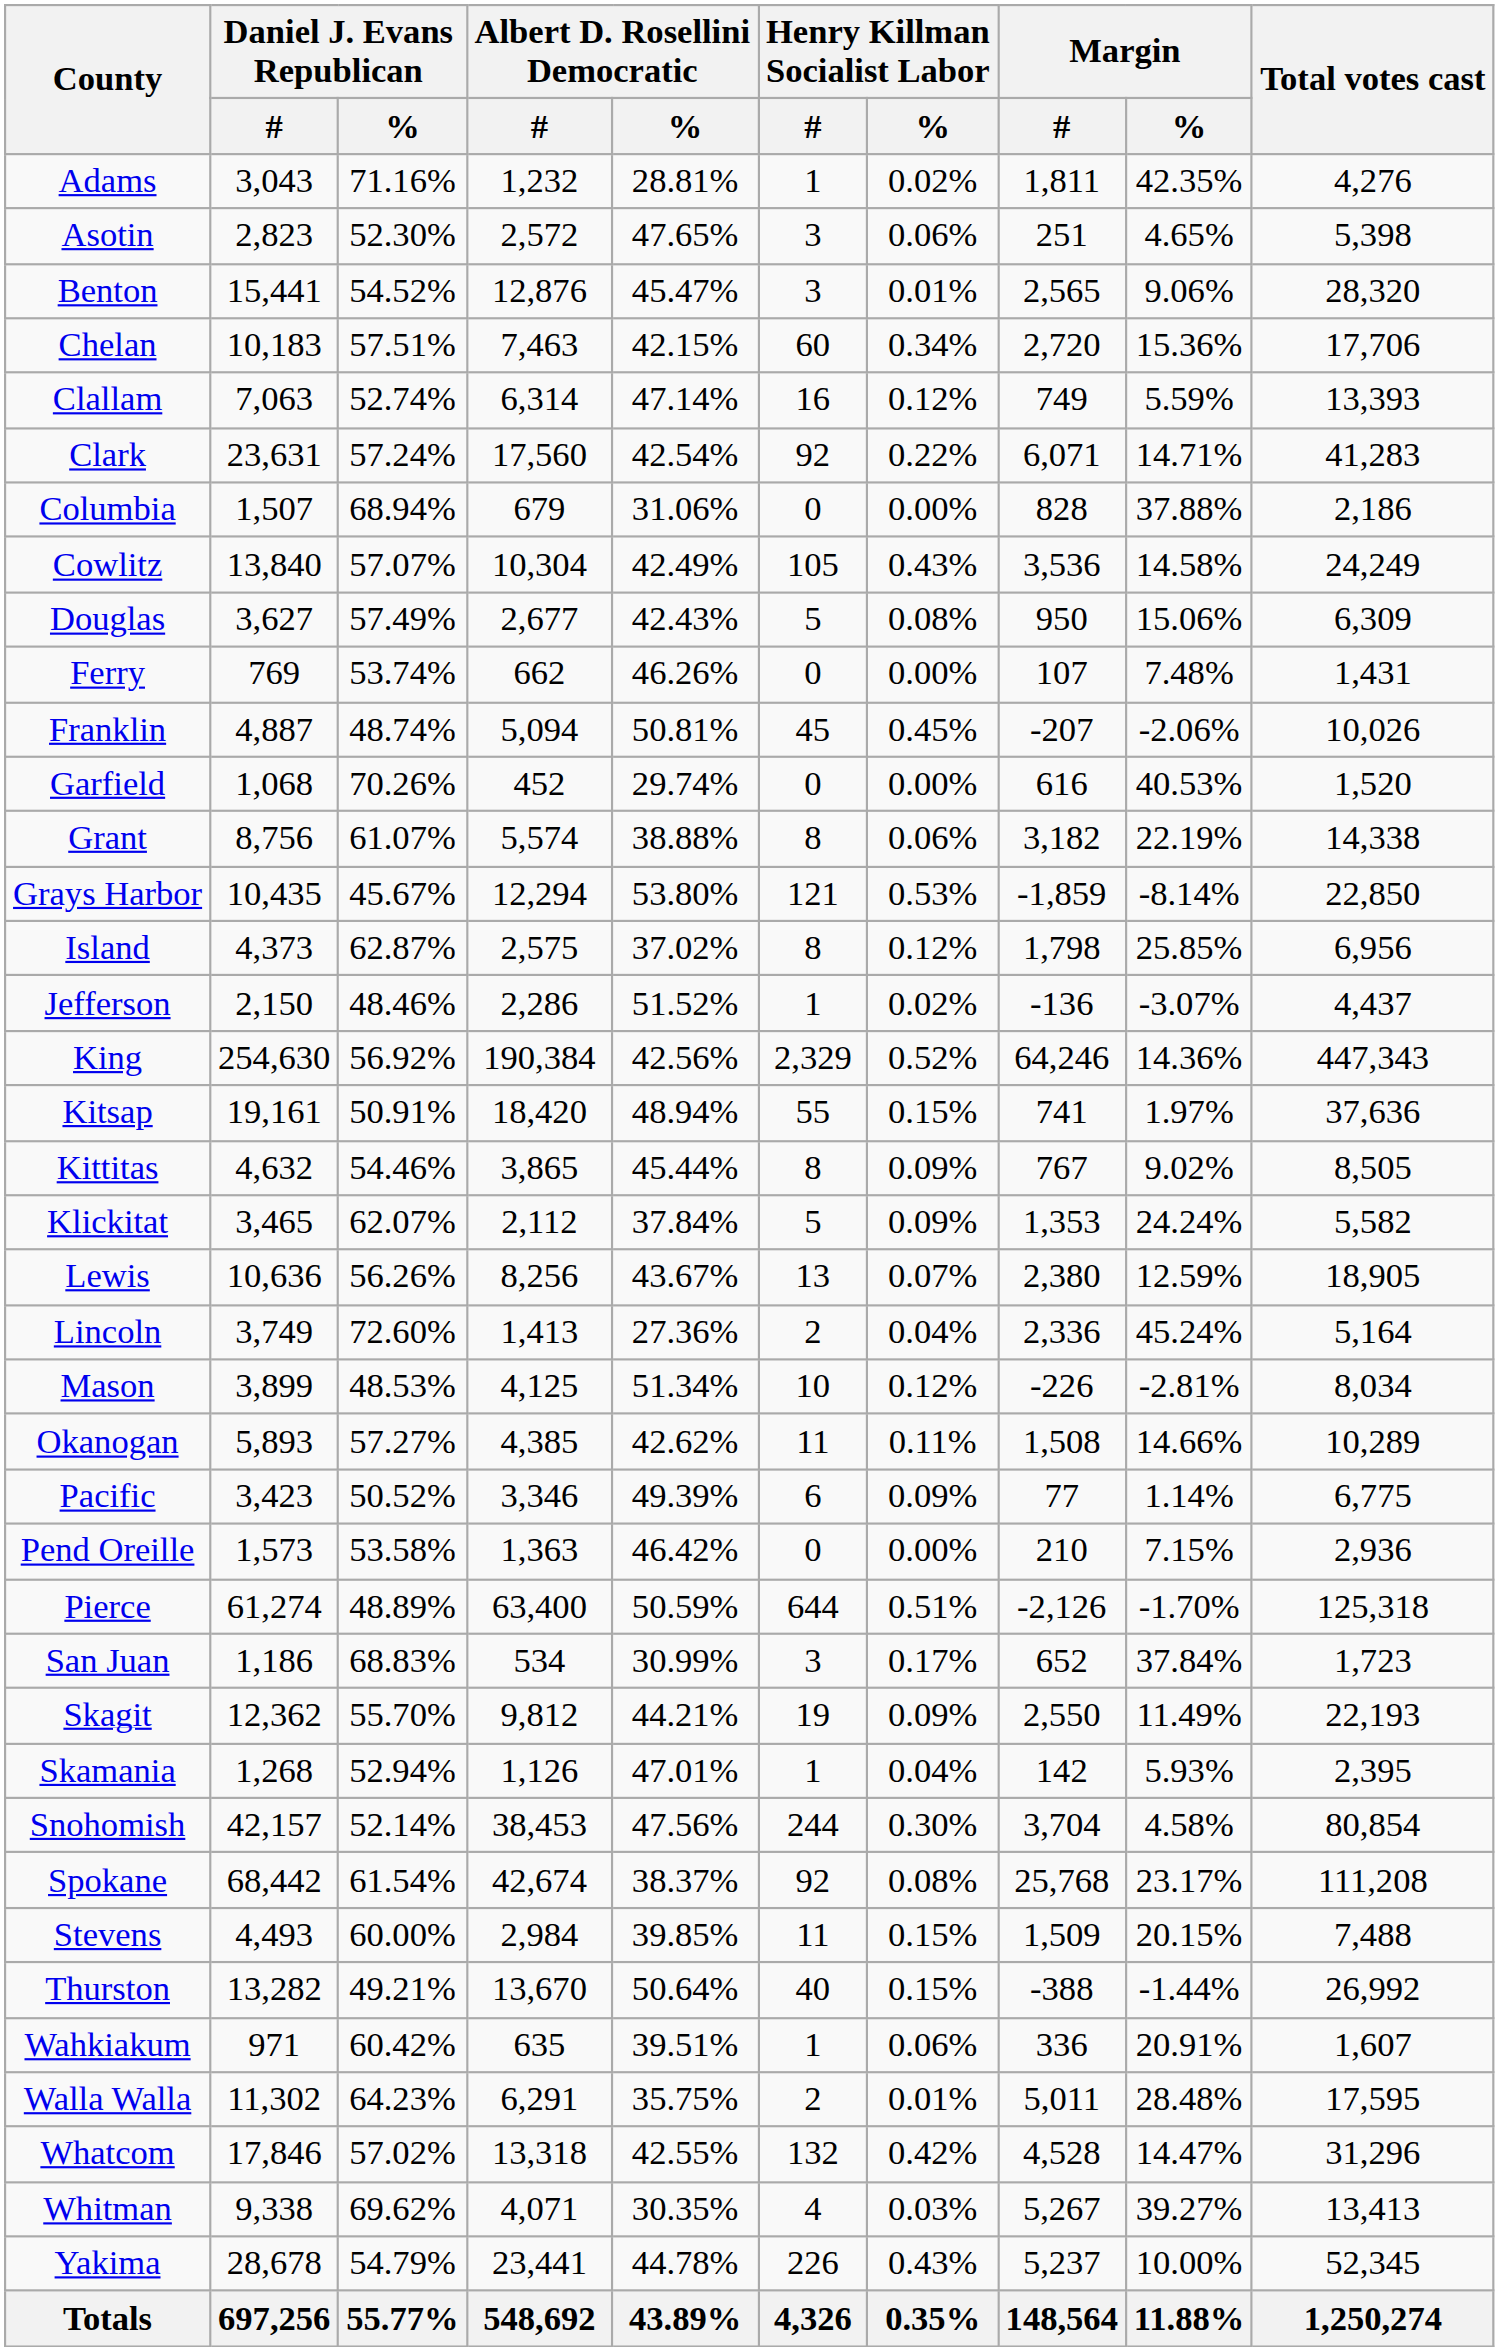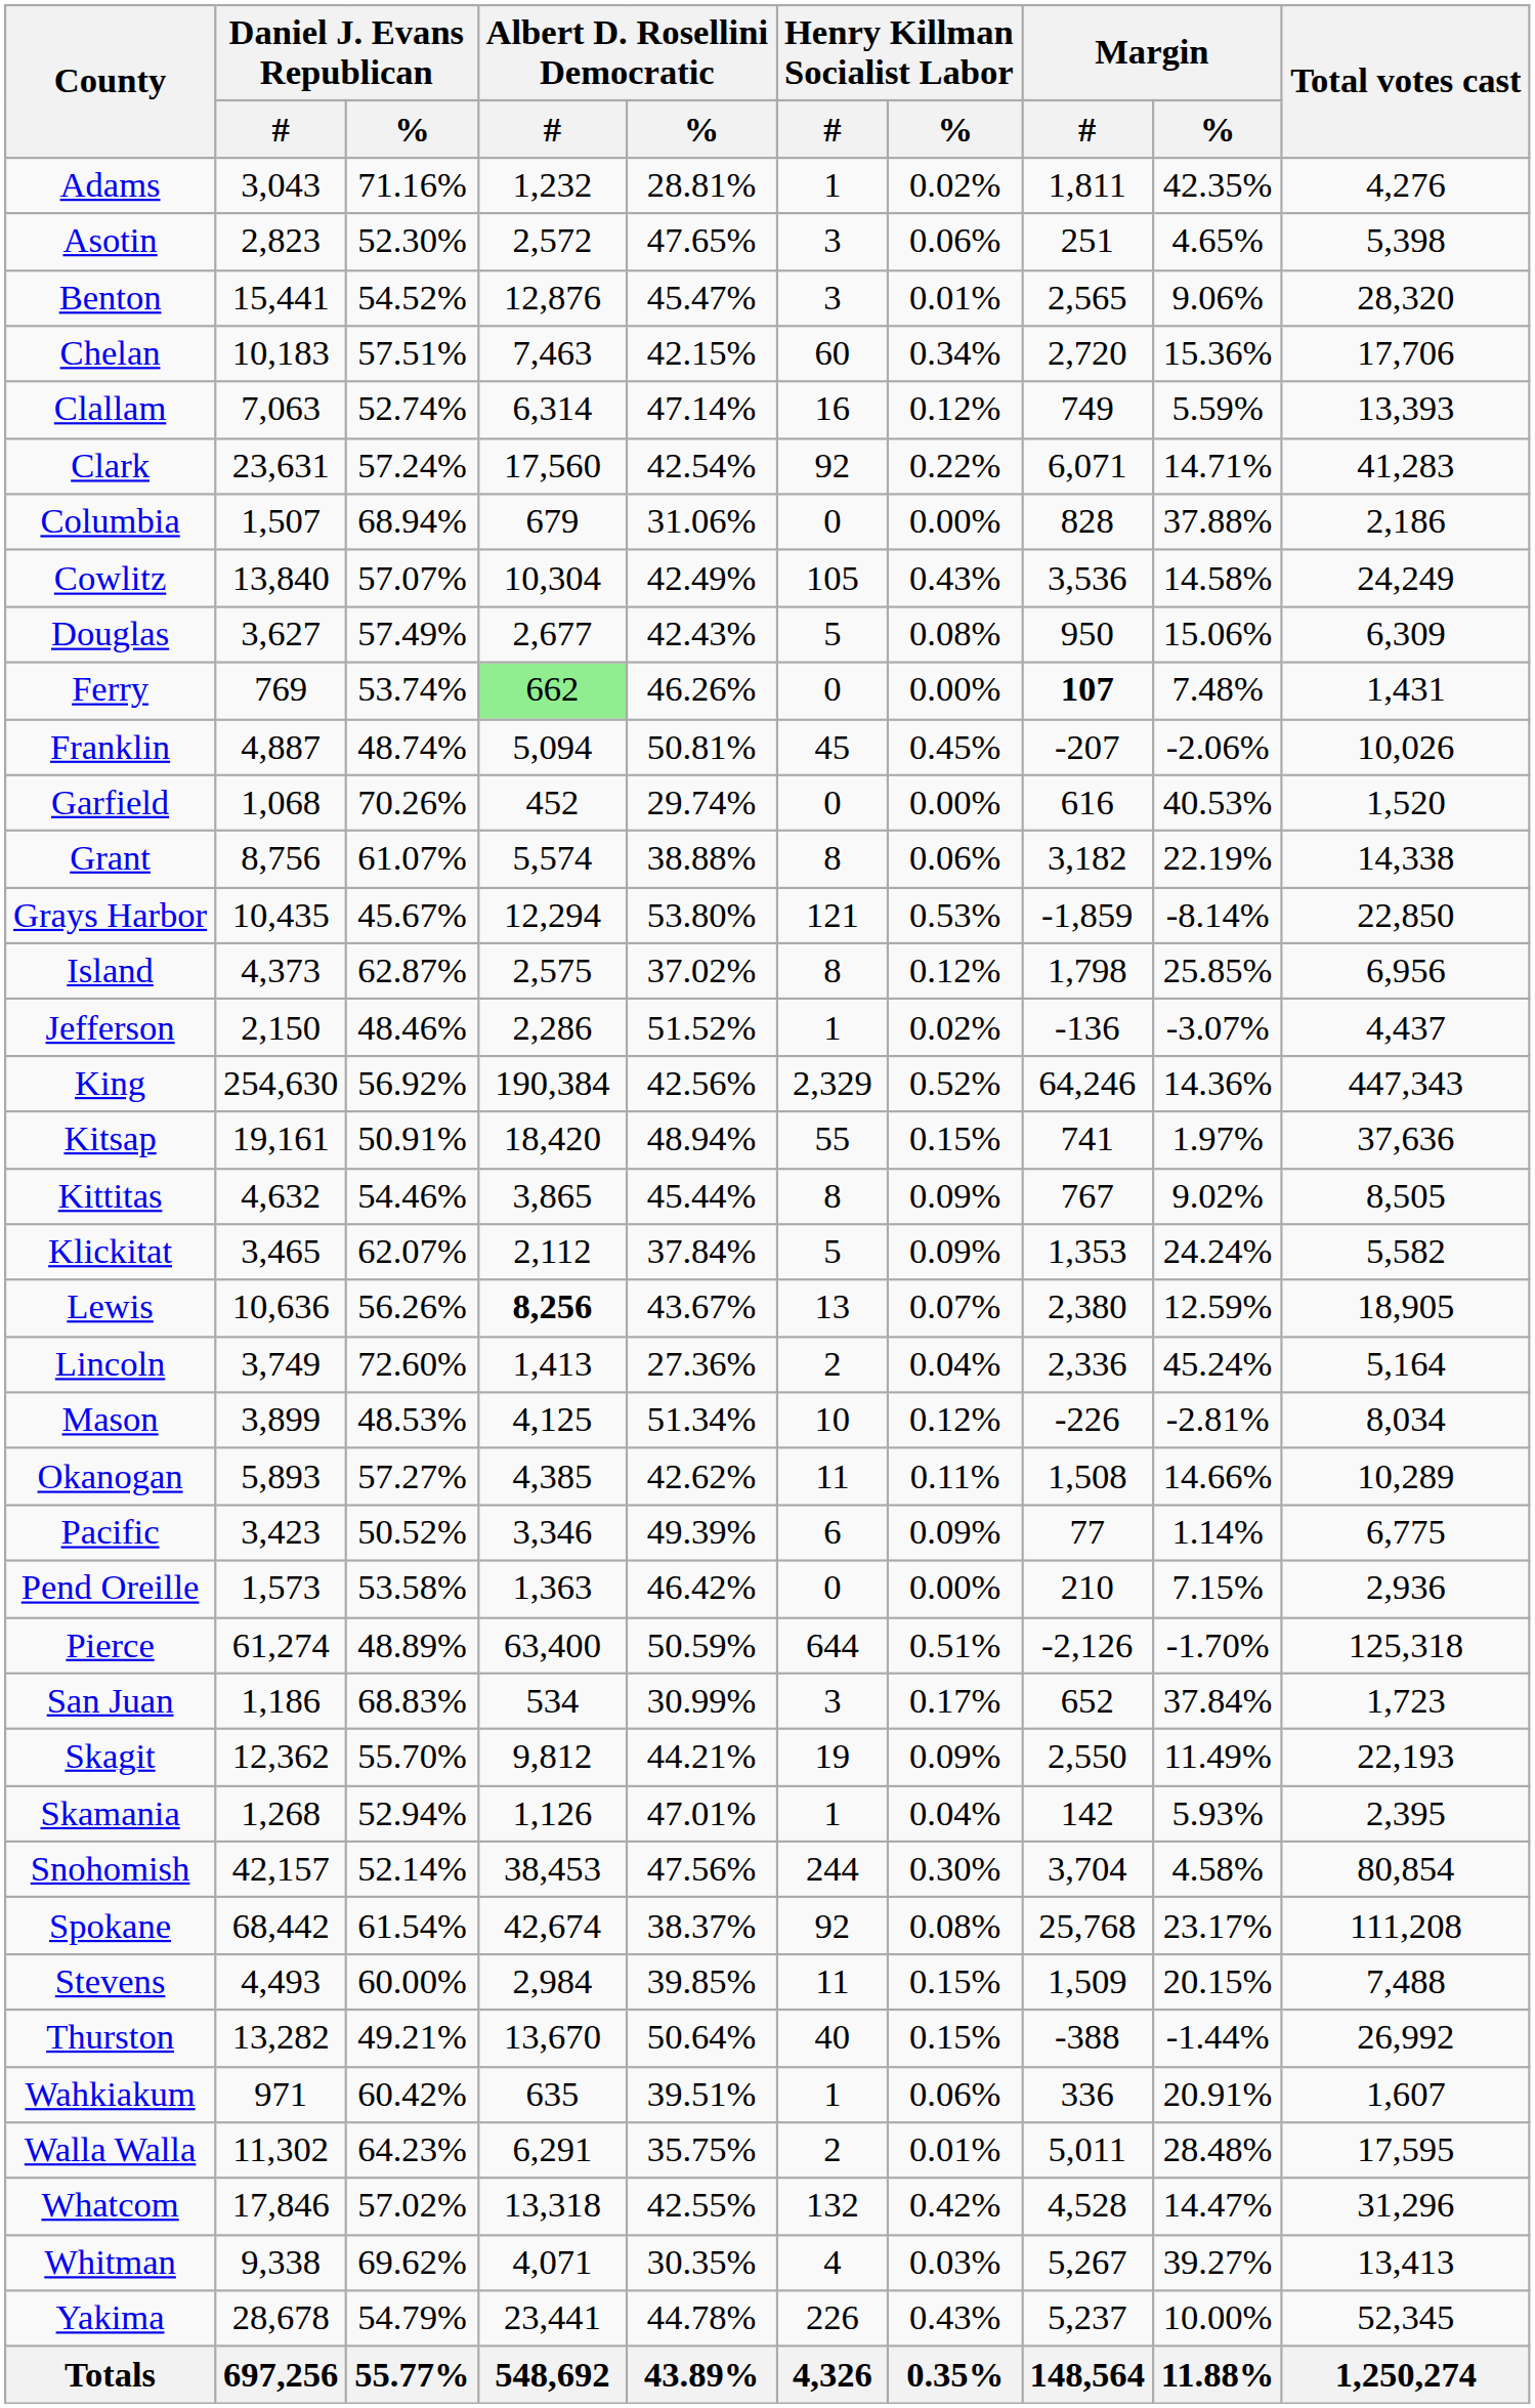 <table class="wikitable sortable">
 <tr>
 <th style="text-align:center;" rowspan="2">County</th>
 <th style="text-align:center;" colspan="2">Daniel J. Evans<br>Republican</th>
 <th style="text-align:center;" colspan="2">Albert D. Rosellini<br>Democratic</th>
 <th style="text-align:center;" colspan="2">Henry Killman<br>Socialist Labor</th>
 <th style="text-align:center;" colspan="2">Margin</th>
 <th style="text-align:center;" rowspan="2">Total votes cast</th>
 </tr>
 <tr bgcolor="lightgrey">
 <th style="text-align:center;" data-sort-type="number">#</th>
 <th style="text-align:center;" data-sort-type="number">%</th>
 <th style="text-align:center;" data-sort-type="number">#</th>
 <th style="text-align:center;" data-sort-type="number">%</th>
 <th style="text-align:center;" data-sort-type="number">#</th>
 <th style="text-align:center;" data-sort-type="number">%</th>
 <th style="text-align:center;" data-sort-type="number">#</th>
 <th style="text-align:center;" data-sort-type="number">%</th>
 </tr>
 <tr style="text-align:center;">
 <td><a href='#'>Adams</a></td>
 <td>3,043</td>
 <td>71.16%</td>
 <td>1,232</td>
 <td>28.81%</td>
 <td>1</td>
 <td>0.02%</td>
 <td>1,811</td>
 <td>42.35%</td>
 <td>4,276</td>
 </tr>
 <tr style="text-align:center;">
 <td><a href='#'>Asotin</a></td>
 <td>2,823</td>
 <td>52.30%</td>
 <td>2,572</td>
 <td>47.65%</td>
 <td>3</td>
 <td>0.06%</td>
 <td>251</td>
 <td>4.65%</td>
 <td>5,398</td>
 </tr>
 <tr style="text-align:center;">
 <td><a href='#'>Benton</a></td>
 <td>15,441</td>
 <td>54.52%</td>
 <td>12,876</td>
 <td>45.47%</td>
 <td>3</td>
 <td>0.01%</td>
 <td>2,565</td>
 <td>9.06%</td>
 <td>28,320</td>
 </tr>
 <tr style="text-align:center;">
 <td><a href='#'>Chelan</a></td>
 <td>10,183</td>
 <td>57.51%</td>
 <td>7,463</td>
 <td>42.15%</td>
 <td>60</td>
 <td>0.34%</td>
 <td>2,720</td>
 <td>15.36%</td>
 <td>17,706</td>
 </tr>
 <tr style="text-align:center;">
 <td><a href='#'>Clallam</a></td>
 <td>7,063</td>
 <td>52.74%</td>
 <td>6,314</td>
 <td>47.14%</td>
 <td>16</td>
 <td>0.12%</td>
 <td>749</td>
 <td>5.59%</td>
 <td>13,393</td>
 </tr>
 <tr style="text-align:center;">
 <td><a href='#'>Clark</a></td>
 <td>23,631</td>
 <td>57.24%</td>
 <td>17,560</td>
 <td>42.54%</td>
 <td>92</td>
 <td>0.22%</td>
 <td>6,071</td>
 <td>14.71%</td>
 <td>41,283</td>
 </tr>
 <tr style="text-align:center;">
 <td><a href='#'>Columbia</a></td>
 <td>1,507</td>
 <td>68.94%</td>
 <td>679</td>
 <td>31.06%</td>
 <td>0</td>
 <td>0.00%</td>
 <td>828</td>
 <td>37.88%</td>
 <td>2,186</td>
 </tr>
 <tr style="text-align:center;">
 <td><a href='#'>Cowlitz</a></td>
 <td>13,840</td>
 <td>57.07%</td>
 <td>10,304</td>
 <td>42.49%</td>
 <td>105</td>
 <td>0.43%</td>
 <td>3,536</td>
 <td>14.58%</td>
 <td>24,249</td>
 </tr>
 <tr style="text-align:center;">
 <td><a href='#'>Douglas</a></td>
 <td>3,627</td>
 <td>57.49%</td>
 <td>2,677</td>
 <td>42.43%</td>
 <td>5</td>
 <td>0.08%</td>
 <td>950</td>
 <td>15.06%</td>
 <td>6,309</td>
 </tr>
 <tr style="text-align:center;">
 <td><a href='#'>Ferry</a></td>
 <td>769</td>
 <td>53.74%</td>
-<td>662</td>
+<td style="background: lightgreen;">662</td>
 <td>46.26%</td>
 <td>0</td>
 <td>0.00%</td>
-<td>107</td>
+<td><strong>107</strong></td>
 <td>7.48%</td>
 <td>1,431</td>
 </tr>
 <tr style="text-align:center;">
 <td><a href='#'>Franklin</a></td>
 <td>4,887</td>
 <td>48.74%</td>
 <td>5,094</td>
 <td>50.81%</td>
 <td>45</td>
 <td>0.45%</td>
 <td>-207</td>
 <td>-2.06%</td>
 <td>10,026</td>
 </tr>
 <tr style="text-align:center;">
 <td><a href='#'>Garfield</a></td>
 <td>1,068</td>
 <td>70.26%</td>
 <td>452</td>
 <td>29.74%</td>
 <td>0</td>
 <td>0.00%</td>
 <td>616</td>
 <td>40.53%</td>
 <td>1,520</td>
 </tr>
 <tr style="text-align:center;">
 <td><a href='#'>Grant</a></td>
 <td>8,756</td>
 <td>61.07%</td>
 <td>5,574</td>
 <td>38.88%</td>
 <td>8</td>
 <td>0.06%</td>
 <td>3,182</td>
 <td>22.19%</td>
 <td>14,338</td>
 </tr>
 <tr style="text-align:center;">
 <td><a href='#'>Grays Harbor</a></td>
 <td>10,435</td>
 <td>45.67%</td>
 <td>12,294</td>
 <td>53.80%</td>
 <td>121</td>
 <td>0.53%</td>
 <td>-1,859</td>
 <td>-8.14%</td>
 <td>22,850</td>
 </tr>
 <tr style="text-align:center;">
 <td><a href='#'>Island</a></td>
 <td>4,373</td>
 <td>62.87%</td>
 <td>2,575</td>
 <td>37.02%</td>
 <td>8</td>
 <td>0.12%</td>
 <td>1,798</td>
 <td>25.85%</td>
 <td>6,956</td>
 </tr>
 <tr style="text-align:center;">
 <td><a href='#'>Jefferson</a></td>
 <td>2,150</td>
 <td>48.46%</td>
 <td>2,286</td>
 <td>51.52%</td>
 <td>1</td>
 <td>0.02%</td>
 <td>-136</td>
 <td>-3.07%</td>
 <td>4,437</td>
 </tr>
 <tr style="text-align:center;">
 <td><a href='#'>King</a></td>
 <td>254,630</td>
 <td>56.92%</td>
 <td>190,384</td>
 <td>42.56%</td>
 <td>2,329</td>
 <td>0.52%</td>
 <td>64,246</td>
 <td>14.36%</td>
 <td>447,343</td>
 </tr>
 <tr style="text-align:center;">
 <td><a href='#'>Kitsap</a></td>
 <td>19,161</td>
 <td>50.91%</td>
 <td>18,420</td>
 <td>48.94%</td>
 <td>55</td>
 <td>0.15%</td>
 <td>741</td>
 <td>1.97%</td>
 <td>37,636</td>
 </tr>
 <tr style="text-align:center;">
 <td><a href='#'>Kittitas</a></td>
 <td>4,632</td>
 <td>54.46%</td>
 <td>3,865</td>
 <td>45.44%</td>
 <td>8</td>
 <td>0.09%</td>
 <td>767</td>
 <td>9.02%</td>
 <td>8,505</td>
 </tr>
 <tr style="text-align:center;">
 <td><a href='#'>Klickitat</a></td>
 <td>3,465</td>
 <td>62.07%</td>
 <td>2,112</td>
 <td>37.84%</td>
 <td>5</td>
 <td>0.09%</td>
 <td>1,353</td>
 <td>24.24%</td>
 <td>5,582</td>
 </tr>
 <tr style="text-align:center;">
 <td><a href='#'>Lewis</a></td>
 <td>10,636</td>
 <td>56.26%</td>
-<td>8,256</td>
+<td><strong>8,256</strong></td>
 <td>43.67%</td>
 <td>13</td>
 <td>0.07%</td>
 <td>2,380</td>
 <td>12.59%</td>
 <td>18,905</td>
 </tr>
 <tr style="text-align:center;">
 <td><a href='#'>Lincoln</a></td>
 <td>3,749</td>
 <td>72.60%</td>
 <td>1,413</td>
 <td>27.36%</td>
 <td>2</td>
 <td>0.04%</td>
 <td>2,336</td>
 <td>45.24%</td>
 <td>5,164</td>
 </tr>
 <tr style="text-align:center;">
 <td><a href='#'>Mason</a></td>
 <td>3,899</td>
 <td>48.53%</td>
 <td>4,125</td>
 <td>51.34%</td>
 <td>10</td>
 <td>0.12%</td>
 <td>-226</td>
 <td>-2.81%</td>
 <td>8,034</td>
 </tr>
 <tr style="text-align:center;">
 <td><a href='#'>Okanogan</a></td>
 <td>5,893</td>
 <td>57.27%</td>
 <td>4,385</td>
 <td>42.62%</td>
 <td>11</td>
 <td>0.11%</td>
 <td>1,508</td>
 <td>14.66%</td>
 <td>10,289</td>
 </tr>
 <tr style="text-align:center;">
 <td><a href='#'>Pacific</a></td>
 <td>3,423</td>
 <td>50.52%</td>
 <td>3,346</td>
 <td>49.39%</td>
 <td>6</td>
 <td>0.09%</td>
 <td>77</td>
 <td>1.14%</td>
 <td>6,775</td>
 </tr>
 <tr style="text-align:center;">
 <td><a href='#'>Pend Oreille</a></td>
 <td>1,573</td>
 <td>53.58%</td>
 <td>1,363</td>
 <td>46.42%</td>
 <td>0</td>
 <td>0.00%</td>
 <td>210</td>
 <td>7.15%</td>
 <td>2,936</td>
 </tr>
 <tr style="text-align:center;">
 <td><a href='#'>Pierce</a></td>
 <td>61,274</td>
 <td>48.89%</td>
 <td>63,400</td>
 <td>50.59%</td>
 <td>644</td>
 <td>0.51%</td>
 <td>-2,126</td>
 <td>-1.70%</td>
 <td>125,318</td>
 </tr>
 <tr style="text-align:center;">
 <td><a href='#'>San Juan</a></td>
 <td>1,186</td>
 <td>68.83%</td>
 <td>534</td>
 <td>30.99%</td>
 <td>3</td>
 <td>0.17%</td>
 <td>652</td>
 <td>37.84%</td>
 <td>1,723</td>
 </tr>
 <tr style="text-align:center;">
 <td><a href='#'>Skagit</a></td>
 <td>12,362</td>
 <td>55.70%</td>
 <td>9,812</td>
 <td>44.21%</td>
 <td>19</td>
 <td>0.09%</td>
 <td>2,550</td>
 <td>11.49%</td>
 <td>22,193</td>
 </tr>
 <tr style="text-align:center;">
 <td><a href='#'>Skamania</a></td>
 <td>1,268</td>
 <td>52.94%</td>
 <td>1,126</td>
 <td>47.01%</td>
 <td>1</td>
 <td>0.04%</td>
 <td>142</td>
 <td>5.93%</td>
 <td>2,395</td>
 </tr>
 <tr style="text-align:center;">
 <td><a href='#'>Snohomish</a></td>
 <td>42,157</td>
 <td>52.14%</td>
 <td>38,453</td>
 <td>47.56%</td>
 <td>244</td>
 <td>0.30%</td>
 <td>3,704</td>
 <td>4.58%</td>
 <td>80,854</td>
 </tr>
 <tr style="text-align:center;">
 <td><a href='#'>Spokane</a></td>
 <td>68,442</td>
 <td>61.54%</td>
 <td>42,674</td>
 <td>38.37%</td>
 <td>92</td>
 <td>0.08%</td>
 <td>25,768</td>
 <td>23.17%</td>
 <td>111,208</td>
 </tr>
 <tr style="text-align:center;">
 <td><a href='#'>Stevens</a></td>
 <td>4,493</td>
 <td>60.00%</td>
 <td>2,984</td>
 <td>39.85%</td>
 <td>11</td>
 <td>0.15%</td>
 <td>1,509</td>
 <td>20.15%</td>
 <td>7,488</td>
 </tr>
 <tr style="text-align:center;">
 <td><a href='#'>Thurston</a></td>
 <td>13,282</td>
 <td>49.21%</td>
 <td>13,670</td>
 <td>50.64%</td>
 <td>40</td>
 <td>0.15%</td>
 <td>-388</td>
 <td>-1.44%</td>
 <td>26,992</td>
 </tr>
 <tr style="text-align:center;">
 <td><a href='#'>Wahkiakum</a></td>
 <td>971</td>
 <td>60.42%</td>
 <td>635</td>
 <td>39.51%</td>
 <td>1</td>
 <td>0.06%</td>
 <td>336</td>
 <td>20.91%</td>
 <td>1,607</td>
 </tr>
 <tr style="text-align:center;">
 <td><a href='#'>Walla Walla</a></td>
 <td>11,302</td>
 <td>64.23%</td>
 <td>6,291</td>
 <td>35.75%</td>
 <td>2</td>
 <td>0.01%</td>
 <td>5,011</td>
 <td>28.48%</td>
 <td>17,595</td>
 </tr>
 <tr style="text-align:center;">
 <td><a href='#'>Whatcom</a></td>
 <td>17,846</td>
 <td>57.02%</td>
 <td>13,318</td>
 <td>42.55%</td>
 <td>132</td>
 <td>0.42%</td>
 <td>4,528</td>
 <td>14.47%</td>
 <td>31,296</td>
 </tr>
 <tr style="text-align:center;">
 <td><a href='#'>Whitman</a></td>
 <td>9,338</td>
 <td>69.62%</td>
 <td>4,071</td>
 <td>30.35%</td>
 <td>4</td>
 <td>0.03%</td>
 <td>5,267</td>
 <td>39.27%</td>
 <td>13,413</td>
 </tr>
 <tr style="text-align:center;">
 <td><a href='#'>Yakima</a></td>
 <td>28,678</td>
 <td>54.79%</td>
 <td>23,441</td>
 <td>44.78%</td>
 <td>226</td>
 <td>0.43%</td>
 <td>5,237</td>
 <td>10.00%</td>
 <td>52,345</td>
 </tr>
 <tr>
 <th>Totals</th>
 <th>697,256</th>
 <th>55.77%</th>
 <th>548,692</th>
 <th>43.89%</th>
 <th>4,326</th>
 <th>0.35%</th>
 <th>148,564</th>
 <th>11.88%</th>
 <th>1,250,274</th>
 </tr>
 </table>
